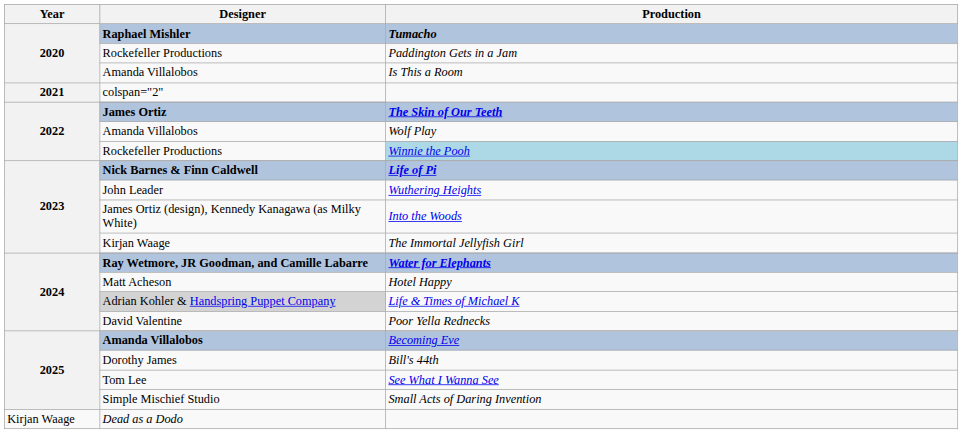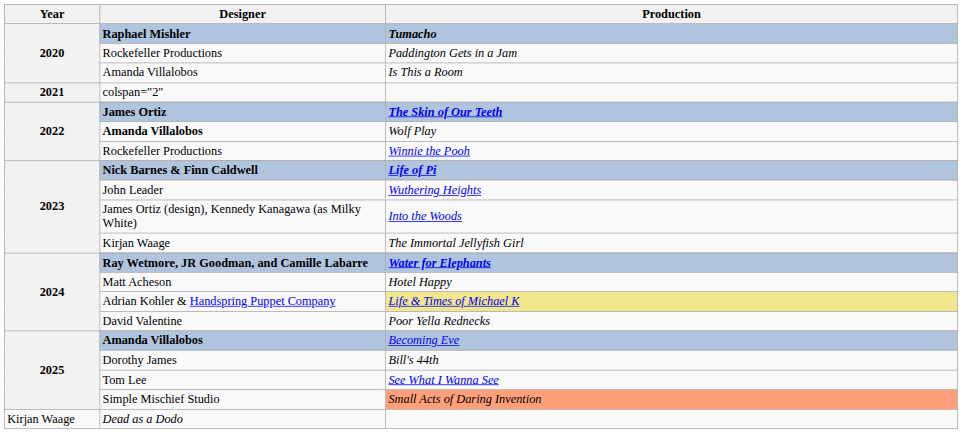 <table class="wikitable" style="width:98%;">
 <tr style="background:#bebebe;">
 <th style="width:10%;">Year</th>
 <th style="width:30%;">Designer</th>
 <th style="width:60%;">Production</th>
 </tr>
 <tr>
 <th rowspan="3">2020</th>
 <td style="background:#B0C4DE"><strong>Raphael Mishler</strong></td>
 <td style="background:#B0C4DE"><strong><em>Tumacho</em></strong></td>
 </tr>
 <tr>
 <td>Rockefeller Productions</td>
 <td><em>Paddington Gets in a Jam</em></td>
 </tr>
 <tr>
 <td>Amanda Villalobos</td>
 <td><em>Is This a Room</em></td>
 </tr>
 <tr>
 <th>2021</th>
 <td>colspan="2" </td>
 </tr>
 <tr>
 <th rowspan="4">2022</th>
 </tr>
 <tr>
 <td style="background:#B0C4DE"><strong>James Ortiz</strong></td>
 <td style="background:#B0C4DE"><strong><em><a href='#'>The Skin of Our Teeth</a></em></strong></td>
 </tr>
 <tr>
-<td>Amanda Villalobos</td>
+<td><strong>Amanda Villalobos</strong></td>
 <td><em>Wolf Play</em></td>
 </tr>
 <tr>
 <td>Rockefeller Productions</td>
-<td style="background: lightblue;"><em><a href='#'>Winnie the Pooh</a></em></td>
+<td><em><a href='#'>Winnie the Pooh</a></em></td>
 </tr>
 <tr>
 <th rowspan="5">2023</th>
 </tr>
 <tr style="background:#B0C4DE">
 <td><strong>Nick Barnes & Finn Caldwell</strong></td>
 <td><strong><em><a href='#'>Life of Pi</a></em></strong></td>
 </tr>
 <tr>
 <td>John Leader</td>
 <td><em><a href='#'>Wuthering Heights</a></em></td>
 </tr>
 <tr>
 <td>James Ortiz (design), Kennedy Kanagawa (as Milky White)</td>
 <td><em><a href='#'>Into the Woods</a></em></td>
 </tr>
 <tr>
 <td>Kirjan Waage</td>
 <td><em>The Immortal Jellyfish Girl</em></td>
 </tr>
 <tr>
 <th rowspan="5">2024</th>
 </tr>
 <tr style="background:#B0C4DE">
 <td><strong>Ray Wetmore, JR Goodman, and Camille Labarre</strong></td>
 <td><strong><em><a href='#'>Water for Elephants</a></em></strong></td>
 </tr>
 <tr>
 <td>Matt Acheson</td>
 <td><em>Hotel Happy</em></td>
 </tr>
 <tr>
-<td style="background: lightgrey;">Adrian Kohler & <a href='#'>Handspring Puppet Company</a></td>
-<td><em><a href='#'>Life & Times of Michael K</a></em></td>
+<td>Adrian Kohler & <a href='#'>Handspring Puppet Company</a></td>
+<td style="background: khaki;"><em><a href='#'>Life & Times of Michael K</a></em></td>
 </tr>
 <tr>
 <td>David Valentine</td>
 <td><em>Poor Yella Rednecks</em></td>
 </tr>
 <tr>
 <th rowspan="5">2025</th>
 </tr>
 <tr style="background:#B0C4DE">
 <td><strong>Amanda Villalobos</strong></td>
 <td><em><a href='#'>Becoming Eve</a></em></td>
 </tr>
 <tr>
 <td>Dorothy James</td>
 <td><em>Bill's 44th</em></td>
 </tr>
 <tr>
 <td>Tom Lee</td>
 <td><em><a href='#'>See What I Wanna See</a></em></td>
 </tr>
 <tr>
 <td>Simple Mischief Studio</td>
-<td><em>Small Acts of Daring Invention</em></td>
+<td style="background: lightsalmon;"><em>Small Acts of Daring Invention</em></td>
 </tr>
 <tr>
 <td>Kirjan Waage</td>
 <td><em>Dead as a Dodo</em></td>
 </tr>
 </table>
